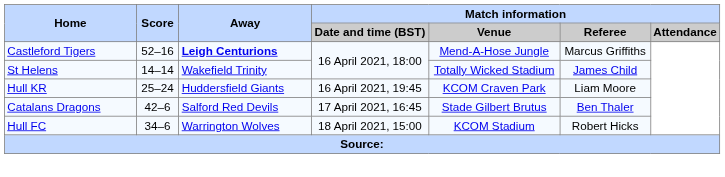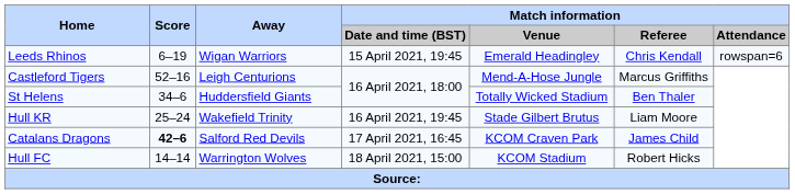 <table border=1 style="border-collapse:collapse; font-size:90%; text-align:center;" cellpadding=3 cellspacing=0 width=100%>
 <tr style="background:#C1D8ff;">
 <th scope="col" rowspan=2 width=19%>Home</th>
 <th scope="col" rowspan=2 width=6%>Score</th>
 <th scope="col" rowspan=2 width=19%>Away</th>
 <th colspan=4>Match information</th>
 </tr>
 <tr style="background:#CCCCCC;">
 <th scope="col" width=17%>Date and time (BST)</th>
 <th scope="col" width=19%>Venue</th>
 <th scope="col" width=13%>Referee</th>
 <th scope="col" width=7%>Attendance</th>
 </tr>
 <tr style="background:#F5FAFF;">
+<td style="text-align:left;"> <a href='#'>Leeds Rhinos</a></td>
+<td>6–19</td>
+<td style="text-align:left;"> <a href='#'>Wigan Warriors</a></td>
+<td>15 April 2021, 19:45</td>
+<td><a href='#'>Emerald Headingley</a></td>
+<td><a href='#'>Chris Kendall</a></td>
+<td>rowspan=6</td>
+</tr>
+<tr style="background:#F5FAFF;">
 <td style="text-align:left;"> <a href='#'>Castleford Tigers</a></td>
 <td>52–16</td>
-<td style="text-align:left;"><strong> <a href='#'>Leigh Centurions</a></strong></td>
+<td style="text-align:left;"> <a href='#'>Leigh Centurions</a></td>
 <td rowspan=2>16 April 2021, 18:00</td>
 <td><a href='#'>Mend-A-Hose Jungle</a></td>
 <td>Marcus Griffiths</td>
 </tr>
 <tr style="background:#F5FAFF;">
 <td style="text-align:left;"> <a href='#'>St Helens</a></td>
-<td>14–14</td>
-<td style="text-align:left;"> <a href='#'>Wakefield Trinity</a></td>
+<td>34–6</td>
+<td style="text-align:left;"> <a href='#'>Huddersfield Giants</a></td>
 <td><a href='#'>Totally Wicked Stadium</a></td>
-<td><a href='#'>James Child</a></td>
+<td><a href='#'>Ben Thaler</a></td>
 </tr>
 <tr style="background:#F5FAFF;">
 <td style="text-align:left;"> <a href='#'>Hull KR</a></td>
 <td>25–24</td>
-<td style="text-align:left;"> <a href='#'>Huddersfield Giants</a></td>
+<td style="text-align:left;"> <a href='#'>Wakefield Trinity</a></td>
 <td>16 April 2021, 19:45</td>
-<td><a href='#'>KCOM Craven Park</a></td>
+<td><a href='#'>Stade Gilbert Brutus</a></td>
 <td>Liam Moore</td>
 </tr>
 <tr style="background:#F5FAFF;">
 <td style="text-align:left;"> <a href='#'>Catalans Dragons</a></td>
-<td>42–6</td>
+<td><strong>42–6</strong></td>
 <td style="text-align:left;"> <a href='#'>Salford Red Devils</a></td>
 <td>17 April 2021, 16:45</td>
-<td><a href='#'>Stade Gilbert Brutus</a></td>
-<td><a href='#'>Ben Thaler</a></td>
+<td><a href='#'>KCOM Craven Park</a></td>
+<td><a href='#'>James Child</a></td>
 </tr>
 <tr style="background:#F5FAFF;">
 <td style="text-align:left;"> <a href='#'>Hull FC</a></td>
-<td>34–6</td>
+<td>14–14</td>
 <td style="text-align:left;"> <a href='#'>Warrington Wolves</a></td>
 <td>18 April 2021, 15:00</td>
 <td><a href='#'>KCOM Stadium</a></td>
 <td>Robert Hicks</td>
 </tr>
 <tr style="background:#c1d8ff;">
 <th colspan=7>Source:</th>
 </tr>
 </table>
